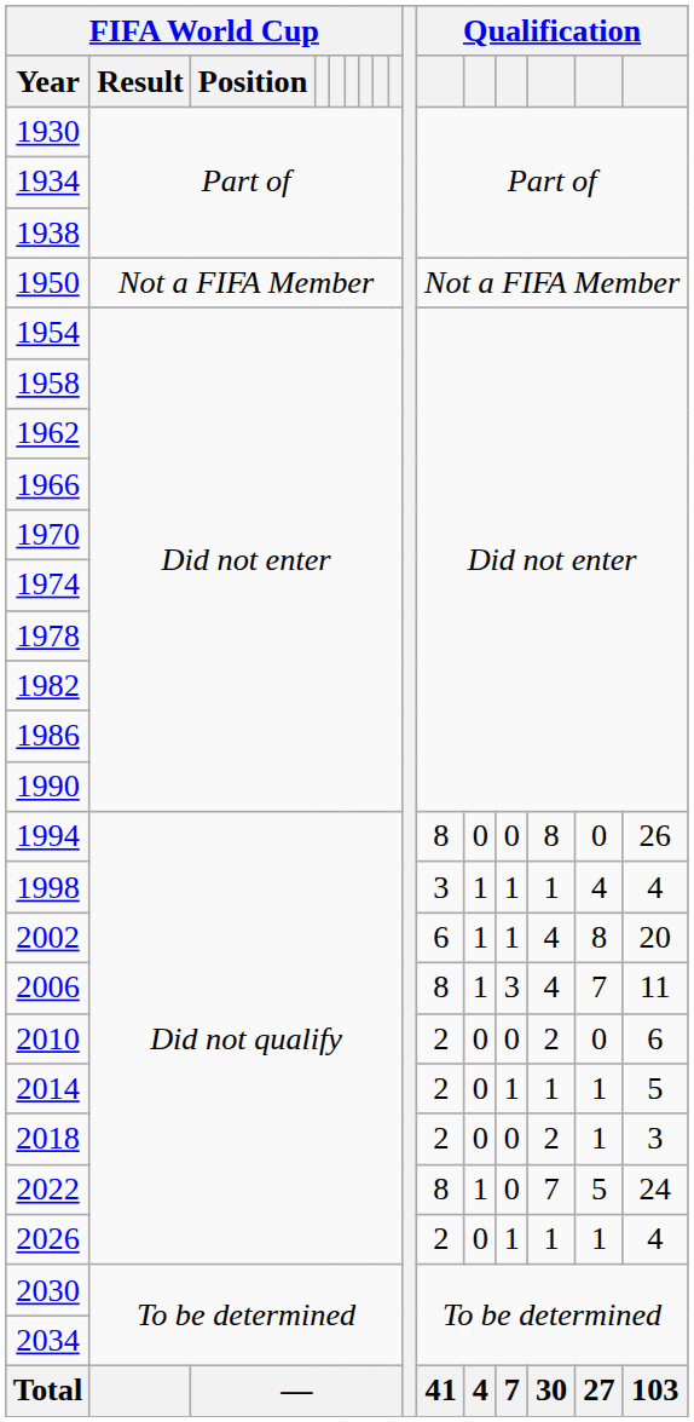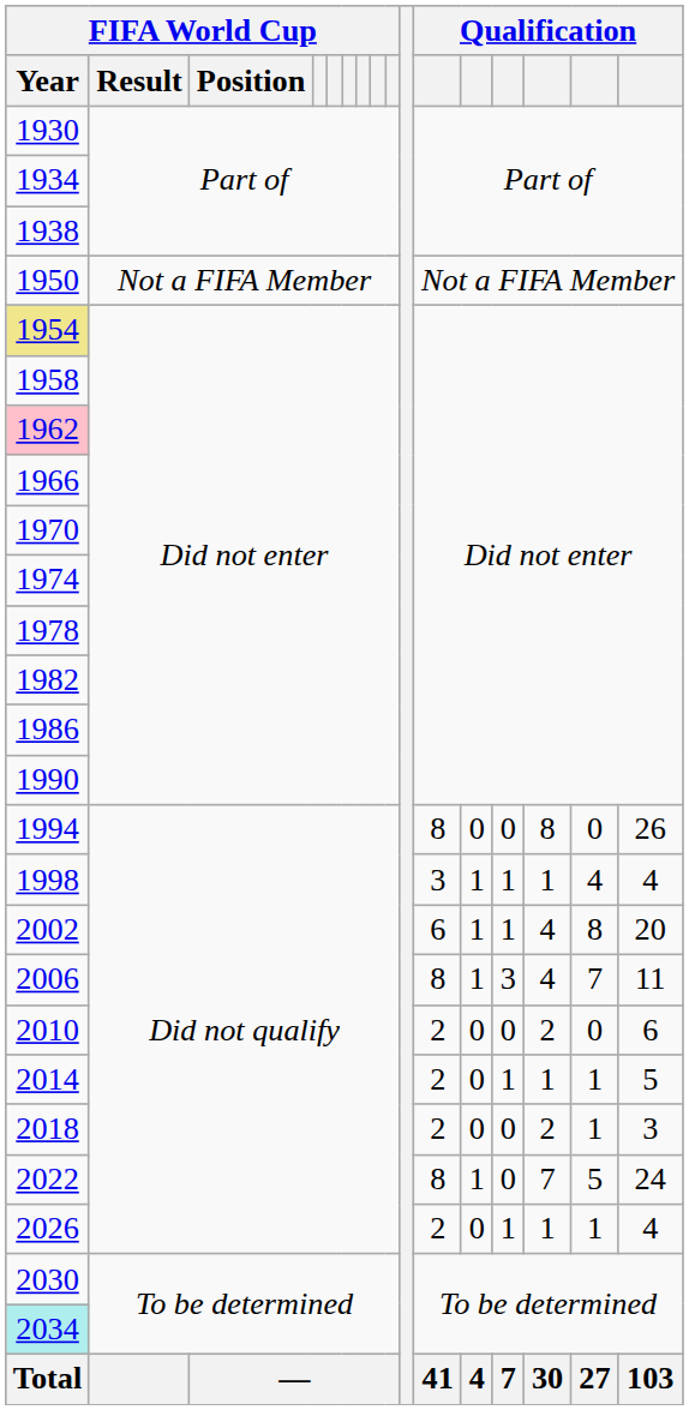 <table class="wikitable" style="text-align: center;">
 <tr>
 <th colspan="9"><a href='#'>FIFA World Cup</a></th>
 <th rowspan="30"></th>
 <th colspan="6"><a href='#'>Qualification</a></th>
 </tr>
 <tr>
 <th>Year</th>
 <th>Result</th>
 <th>Position</th>
 <th></th>
 <th></th>
 <th></th>
 <th></th>
 <th></th>
 <th></th>
 <th></th>
 <th></th>
 <th></th>
 <th></th>
 <th></th>
 <th></th>
 </tr>
 <tr>
 <td> <a href='#'>1930</a></td>
 <td rowspan="3" colspan="8"><em>Part of </em></td>
 <td rowspan="3" colspan="6"><em>Part of </em></td>
 </tr>
 <tr>
 <td> <a href='#'>1934</a></td>
 </tr>
 <tr>
 <td> <a href='#'>1938</a></td>
 </tr>
 <tr>
 <td> <a href='#'>1950</a></td>
 <td colspan=8><em>Not a FIFA Member</em></td>
 <td colspan=6><em>Not a FIFA Member</em></td>
 </tr>
 <tr>
-<td> <a href='#'>1954</a></td>
+<td style="background: khaki;"> <a href='#'>1954</a></td>
 <td rowspan="10" colspan="8"><em>Did not enter</em></td>
 <td rowspan="10" colspan="6"><em>Did not enter</em></td>
 </tr>
 <tr>
 <td> <a href='#'>1958</a></td>
 </tr>
 <tr>
-<td> <a href='#'>1962</a></td>
+<td style="background: pink;"> <a href='#'>1962</a></td>
 </tr>
 <tr>
 <td> <a href='#'>1966</a></td>
 </tr>
 <tr>
 <td> <a href='#'>1970</a></td>
 </tr>
 <tr>
 <td> <a href='#'>1974</a></td>
 </tr>
 <tr>
 <td> <a href='#'>1978</a></td>
 </tr>
 <tr>
 <td> <a href='#'>1982</a></td>
 </tr>
 <tr>
 <td> <a href='#'>1986</a></td>
 </tr>
 <tr>
 <td> <a href='#'>1990</a></td>
 </tr>
 <tr>
 <td> <a href='#'>1994</a></td>
 <td colspan=8 rowspan=9><em>Did not qualify</em></td>
 <td>8</td>
 <td>0</td>
 <td>0</td>
 <td>8</td>
 <td>0</td>
 <td>26</td>
 </tr>
 <tr>
 <td> <a href='#'>1998</a></td>
 <td>3</td>
 <td>1</td>
 <td>1</td>
 <td>1</td>
 <td>4</td>
 <td>4</td>
 </tr>
 <tr>
 <td> <a href='#'>2002</a></td>
 <td>6</td>
 <td>1</td>
 <td>1</td>
 <td>4</td>
 <td>8</td>
 <td>20</td>
 </tr>
 <tr>
 <td> <a href='#'>2006</a></td>
 <td>8</td>
 <td>1</td>
 <td>3</td>
 <td>4</td>
 <td>7</td>
 <td>11</td>
 </tr>
 <tr>
 <td> <a href='#'>2010</a></td>
 <td>2</td>
 <td>0</td>
 <td>0</td>
 <td>2</td>
 <td>0</td>
 <td>6</td>
 </tr>
 <tr>
 <td> <a href='#'>2014</a></td>
 <td>2</td>
 <td>0</td>
 <td>1</td>
 <td>1</td>
 <td>1</td>
 <td>5</td>
 </tr>
 <tr>
 <td> <a href='#'>2018</a></td>
 <td>2</td>
 <td>0</td>
 <td>0</td>
 <td>2</td>
 <td>1</td>
 <td>3</td>
 </tr>
 <tr>
 <td> <a href='#'>2022</a></td>
 <td>8</td>
 <td>1</td>
 <td>0</td>
 <td>7</td>
 <td>5</td>
 <td>24</td>
 </tr>
 <tr>
 <td> <a href='#'>2026</a></td>
 <td>2</td>
 <td>0</td>
 <td>1</td>
 <td>1</td>
 <td>1</td>
 <td>4</td>
 </tr>
 <tr>
 <td> <a href='#'>2030</a></td>
 <td colspan=8 rowspan=2><em>To be determined</em></td>
 <td colspan=6 rowspan=2><em>To be determined</em></td>
 </tr>
 <tr>
-<td> <a href='#'>2034</a></td>
+<td style="background: paleturquoise;"> <a href='#'>2034</a></td>
 </tr>
 <tr>
 <th>Total</th>
 <th></th>
 <th colspan=7>—</th>
 <th>41</th>
 <th>4</th>
 <th>7</th>
 <th>30</th>
 <th>27</th>
 <th>103</th>
 </tr>
 </table>
